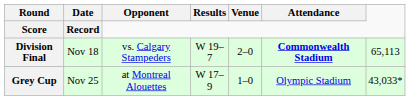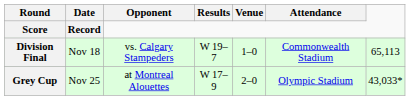 <table class="wikitable" style="text-align:center">
 <tr>
 <th>Round</th>
 <th>Date</th>
 <th>Opponent</th>
 <th>Results</th>
 <th>Venue</th>
 <th>Attendance</th>
 </tr>
 <tr>
 <th>Score</th>
 <th>Record</th>
 </tr>
 <tr style="background:#ddffdd">
 <th>Division Final</th>
 <td>Nov 18</td>
 <td>vs. <a href='#'>Calgary Stampeders</a></td>
 <td>W 19–7</td>
-<td>2–0</td>
-<td><strong><a href='#'>Commonwealth Stadium</a></strong></td>
+<td>1–0</td>
+<td><a href='#'>Commonwealth Stadium</a></td>
 <td>65,113</td>
 </tr>
 <tr style="background:#ddffdd">
 <th>Grey Cup</th>
 <td>Nov 25</td>
 <td>at <a href='#'>Montreal Alouettes</a></td>
 <td>W 17–9</td>
-<td>1–0</td>
+<td>2–0</td>
 <td><a href='#'>Olympic Stadium</a></td>
 <td>43,033*</td>
 </tr>
 </table>
